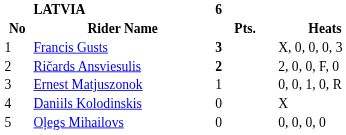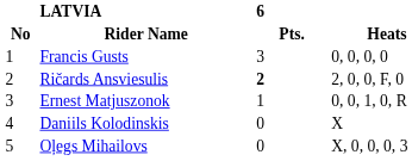 <table class="toccolours">
 <tr>
 <td></td>
 <td><strong>LATVIA</strong></td>
 <td><strong>6</strong></td>
 </tr>
 <tr style="background-color:">
 <th width=30px>No</th>
 <th width=210px>Rider Name</th>
 <th width=70px>Pts.</th>
 <th width=110px>Heats</th>
 </tr>
 <tr style="background-color:">
 <td>1</td>
 <td><a href='#'>Francis Gusts</a></td>
-<td><strong>3</strong></td>
-<td>X, 0, 0, 0, 3</td>
+<td>3</td>
+<td>0, 0, 0, 0</td>
 </tr>
 <tr style="background-color:">
 <td>2</td>
 <td><a href='#'>Ričards Ansviesulis</a></td>
 <td><strong>2</strong></td>
 <td>2, 0, 0, F, 0</td>
 </tr>
 <tr style="background-color:">
 <td>3</td>
 <td><a href='#'>Ernest Matjuszonok</a></td>
 <td>1</td>
 <td>0, 0, 1, 0, R</td>
 </tr>
 <tr style="background-color:">
 <td>4</td>
 <td><a href='#'>Daniils Kolodinskis</a></td>
 <td>0</td>
 <td>X</td>
 </tr>
 <tr style="background-color:">
 <td>5</td>
 <td><a href='#'>Oļegs Mihailovs</a></td>
 <td>0</td>
-<td>0, 0, 0, 0</td>
+<td>X, 0, 0, 0, 3</td>
 </tr>
 </table>
